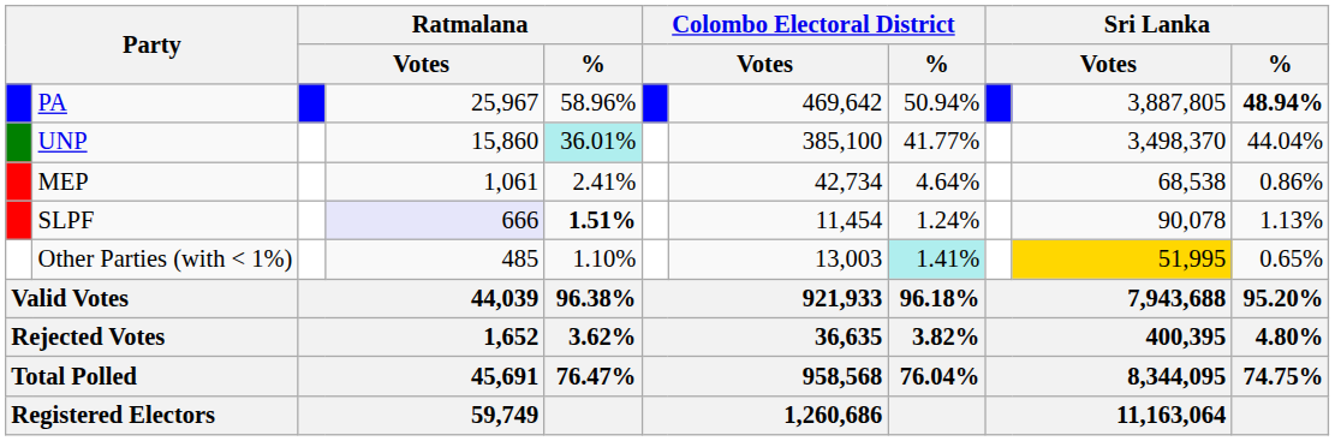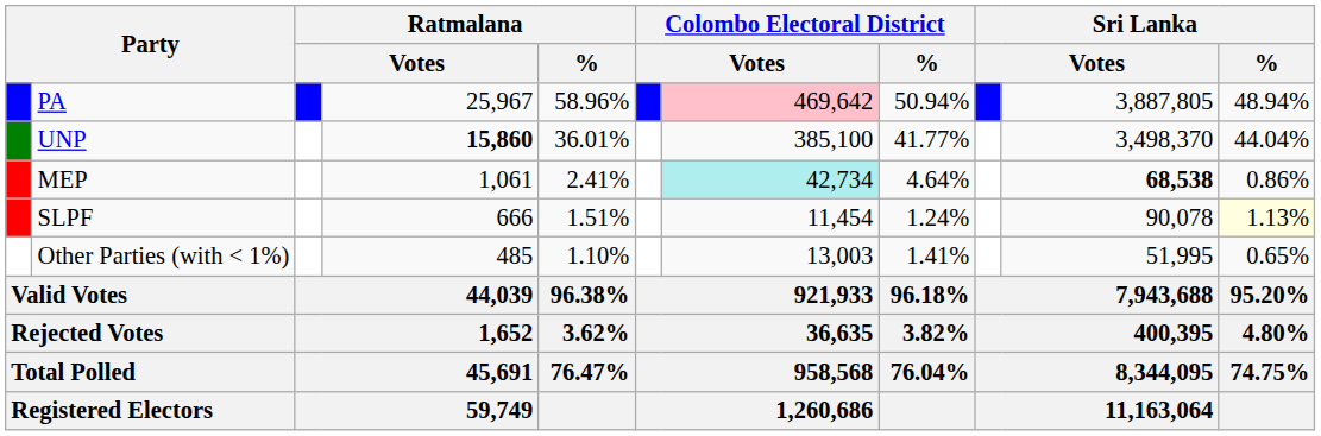 <table class="wikitable">
 <tr>
 <th colspan="2" width="144px"rowspan="2">Party</th>
 <th colspan="3" width="216px">Ratmalana</th>
 <th colspan="3" width="216px"><a href='#'>Colombo Electoral District</a></th>
 <th colspan="3" width="216px">Sri Lanka</th>
 </tr>
 <tr>
 <th colspan="2" width="144px">Votes</th>
 <th>%</th>
 <th colspan="2" width="144px">Votes</th>
 <th>%</th>
 <th colspan="2" width="144px">Votes</th>
 <th>%</th>
 </tr>
 <tr>
 <td style="background-color:blue;" width="10px"></td>
 <td style="text-align:left;"><a href='#'>PA</a></td>
 <td style="background-color:blue;" width="10px"></td>
 <td style="text-align:right;">25,967</td>
 <td style="text-align:right;">58.96%</td>
 <td style="background-color:blue;" width="10px"></td>
-<td style="text-align:right;">469,642</td>
+<td style="background: pink; text-align:right;">469,642</td>
 <td style="text-align:right;">50.94%</td>
 <td style="background-color:blue;" width="10px"></td>
 <td style="text-align:right;">3,887,805</td>
-<td style="text-align:right;"><strong>48.94%</strong></td>
+<td style="text-align:right;">48.94%</td>
 </tr>
 <tr>
 <td style="background-color:green;" width="10px"></td>
 <td style="text-align:left;"><a href='#'>UNP</a></td>
 <td style="background-color:white;" width="10px"></td>
-<td style="text-align:right;">15,860</td>
-<td style="background: paleturquoise; text-align:right;">36.01%</td>
+<td style="text-align:right;"><strong>15,860</strong></td>
+<td style="text-align:right;">36.01%</td>
 <td style="background-color:white;" width="10px"></td>
 <td style="text-align:right;">385,100</td>
 <td style="text-align:right;">41.77%</td>
 <td style="background-color:white;" width="10px"></td>
 <td style="text-align:right;">3,498,370</td>
 <td style="text-align:right;">44.04%</td>
 </tr>
 <tr>
 <td style="background-color:red;" width="10px"></td>
 <td style="text-align:left;">MEP</td>
 <td style="background-color:white;" width="10px"></td>
 <td style="text-align:right;">1,061</td>
 <td style="text-align:right;">2.41%</td>
 <td style="background-color:white;" width="10px"></td>
-<td style="text-align:right;">42,734</td>
+<td style="background: paleturquoise; text-align:right;">42,734</td>
 <td style="text-align:right;">4.64%</td>
 <td style="background-color:white;" width="10px"></td>
-<td style="text-align:right;">68,538</td>
+<td style="text-align:right;"><strong>68,538</strong></td>
 <td style="text-align:right;">0.86%</td>
 </tr>
 <tr>
 <td style="background-color:red;" width="10px"></td>
 <td style="text-align:left;">SLPF</td>
 <td style="background-color:white;" width="10px"></td>
-<td style="background: lavender; text-align:right;">666</td>
-<td style="text-align:right;"><strong>1.51%</strong></td>
+<td style="text-align:right;">666</td>
+<td style="text-align:right;">1.51%</td>
 <td style="background-color:white;" width="10px"></td>
 <td style="text-align:right;">11,454</td>
 <td style="text-align:right;">1.24%</td>
 <td style="background-color:white;" width="10px"></td>
 <td style="text-align:right;">90,078</td>
-<td style="text-align:right;">1.13%</td>
+<td style="background: lightyellow; text-align:right;">1.13%</td>
 </tr>
 <tr>
 <td style="background-color:white;" width="10px"></td>
 <td style="text-align:left;">Other Parties (with < 1%)</td>
 <td style="background-color:white;" width="10px"></td>
 <td style="text-align:right;">485</td>
 <td style="text-align:right;">1.10%</td>
 <td style="background-color:white;" width="10px"></td>
 <td style="text-align:right;">13,003</td>
-<td style="background: paleturquoise; text-align:right;">1.41%</td>
+<td style="text-align:right;">1.41%</td>
 <td style="background-color:white;" width="10px"></td>
-<td style="background: gold; text-align:right;">51,995</td>
+<td style="text-align:right;">51,995</td>
 <td style="text-align:right;">0.65%</td>
 </tr>
 <tr>
 <th colspan="2" width="144px"style="text-align:left;">Valid Votes</th>
 <th style="text-align:right;"colspan="2" width="144px">44,039</th>
 <th style="text-align:right;">96.38%</th>
 <th style="text-align:right;"colspan="2" width="144px">921,933</th>
 <th style="text-align:right;">96.18%</th>
 <th style="text-align:right;"colspan="2" width="144px">7,943,688</th>
 <th style="text-align:right;">95.20%</th>
 </tr>
 <tr>
 <th colspan="2" width="144px"style="text-align:left;">Rejected Votes</th>
 <th style="text-align:right;"colspan="2" width="144px">1,652</th>
 <th style="text-align:right;">3.62%</th>
 <th style="text-align:right;"colspan="2" width="144px">36,635</th>
 <th style="text-align:right;">3.82%</th>
 <th style="text-align:right;"colspan="2" width="144px">400,395</th>
 <th style="text-align:right;">4.80%</th>
 </tr>
 <tr>
 <th colspan="2" width="144px"style="text-align:left;">Total Polled</th>
 <th style="text-align:right;"colspan="2" width="144px">45,691</th>
 <th style="text-align:right;">76.47%</th>
 <th style="text-align:right;"colspan="2" width="144px">958,568</th>
 <th style="text-align:right;">76.04%</th>
 <th style="text-align:right;"colspan="2" width="144px">8,344,095</th>
 <th style="text-align:right;">74.75%</th>
 </tr>
 <tr>
 <th colspan="2" width="144px"style="text-align:left;">Registered Electors</th>
 <th style="text-align:right;"colspan="2" width="144px">59,749</th>
 <th></th>
 <th style="text-align:right;"colspan="2" width="144px">1,260,686</th>
 <th></th>
 <th style="text-align:right;"colspan="2" width="144px">11,163,064</th>
 <th></th>
 </tr>
 </table>
